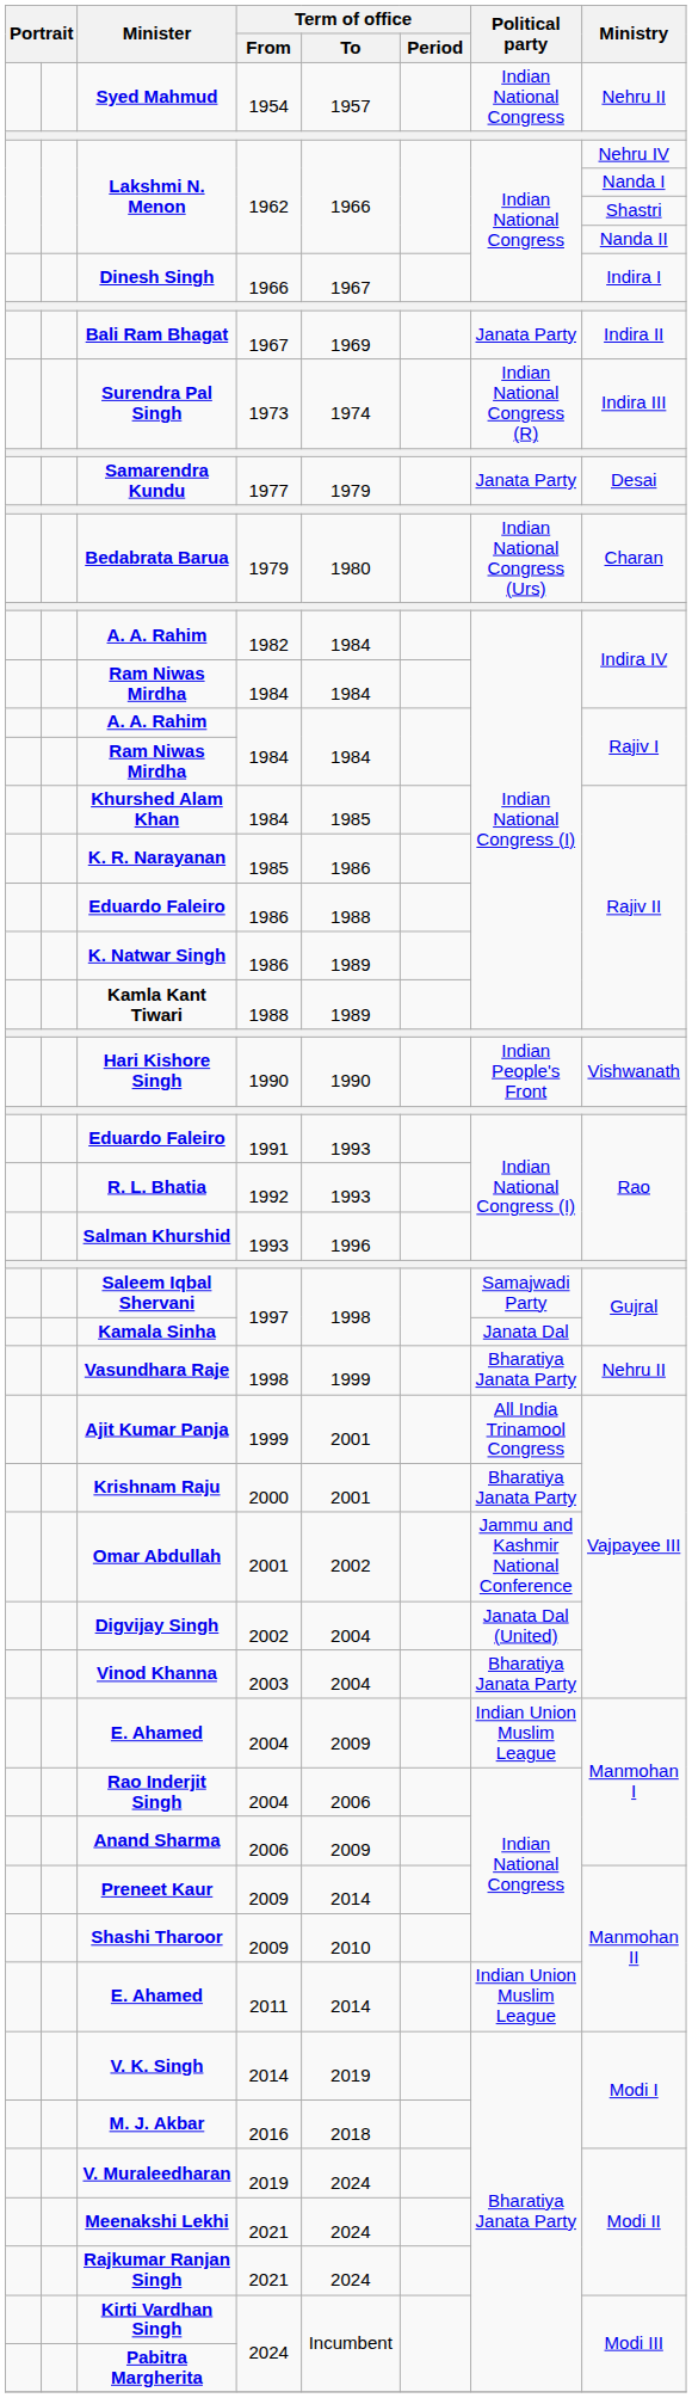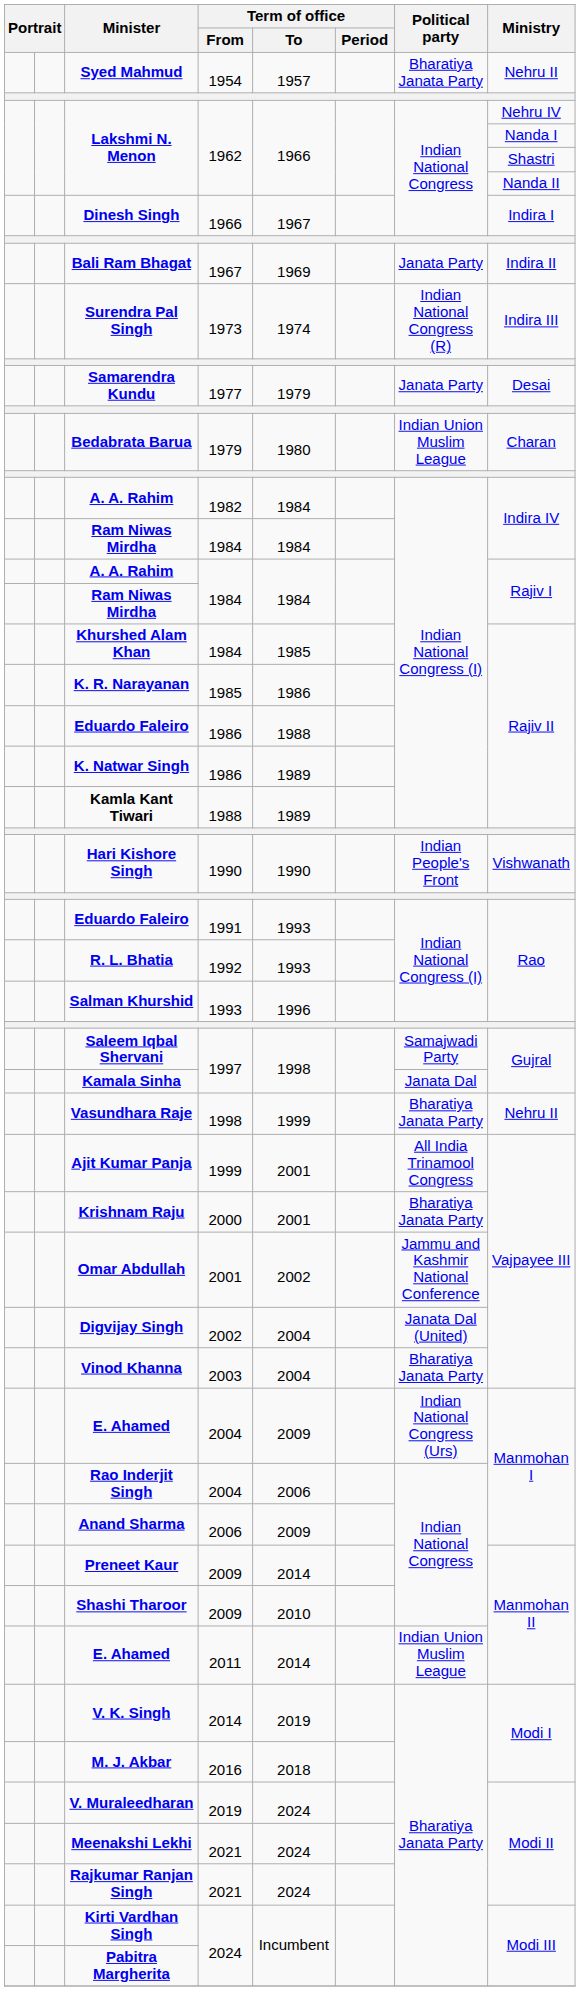 <table class="wikitable" style="text-align:center">
 <tr>
 <th rowspan="2" colspan="2">Portrait</th>
 <th rowspan="2" style="width:18em">Minister<br></th>
 <th colspan="3">Term of office</th>
 <th rowspan="2" style="width:10em">Political party</th>
 <th rowspan="2" style="width:7em">Ministry</th>
 </tr>
 <tr>
 <th style="width:8em">From</th>
 <th style="width:8em">To</th>
 <th style="width:6em">Period</th>
 </tr>
 <tr>
 <td></td>
 <td></td>
 <td><strong><a href='#'>Syed Mahmud</a></strong><br></td>
 <td><br>1954</td>
 <td><br>1957</td>
 <td><strong></strong></td>
-<td><a href='#'>Indian National Congress</a></td>
+<td><a href='#'>Bharatiya Janata Party</a><br></td>
 <td><a href='#'>Nehru II</a></td>
 </tr>
 <tr>
 <th colspan="8"></th>
 </tr>
 <tr>
 <td rowspan="4"></td>
 <td rowspan="4"></td>
 <td rowspan="4"><strong><a href='#'>Lakshmi N. Menon</a></strong><br></td>
 <td rowspan="4"><br>1962</td>
 <td rowspan="4"><br>1966</td>
 <td rowspan="4"><strong></strong></td>
 <td rowspan="5"><a href='#'>Indian National Congress</a></td>
 <td><a href='#'>Nehru IV</a></td>
 </tr>
 <tr>
 <td><a href='#'>Nanda I</a></td>
 </tr>
 <tr>
 <td><a href='#'>Shastri</a></td>
 </tr>
 <tr>
 <td><a href='#'>Nanda II</a></td>
 </tr>
 <tr>
 <td></td>
 <td></td>
 <td><strong><a href='#'>Dinesh Singh</a></strong><br></td>
 <td><br>1966</td>
 <td><br>1967</td>
 <td><strong></strong></td>
 <td><a href='#'>Indira I</a></td>
 </tr>
 <tr>
 <th colspan="8"></th>
 </tr>
 <tr>
 <td></td>
 <td></td>
 <td><strong><a href='#'>Bali Ram Bhagat</a></strong><br></td>
 <td><br>1967</td>
 <td><br>1969</td>
 <td><strong></strong></td>
 <td><a href='#'>Janata Party</a></td>
 <td><a href='#'>Indira II</a></td>
 </tr>
 <tr>
 <td></td>
 <td></td>
 <td><strong><a href='#'>Surendra Pal Singh</a></strong><br></td>
 <td><br>1973</td>
 <td><br>1974</td>
 <td><strong></strong></td>
 <td><a href='#'>Indian National Congress (R)</a></td>
 <td><a href='#'>Indira III</a></td>
 </tr>
 <tr>
 <th colspan="8"></th>
 </tr>
 <tr>
 <td></td>
 <td></td>
 <td><strong><a href='#'>Samarendra Kundu</a></strong><br></td>
 <td><br>1977</td>
 <td><br>1979</td>
 <td><strong></strong></td>
 <td><a href='#'>Janata Party</a></td>
 <td><a href='#'>Desai</a></td>
 </tr>
 <tr>
 <th colspan="8"></th>
 </tr>
 <tr>
 <td></td>
 <td></td>
 <td><strong><a href='#'>Bedabrata Barua</a></strong><br></td>
 <td><br>1979</td>
 <td><br>1980</td>
 <td><strong></strong></td>
-<td><a href='#'>Indian National Congress (Urs)</a></td>
+<td><a href='#'>Indian Union Muslim League</a><br></td>
 <td><a href='#'>Charan</a></td>
 </tr>
 <tr>
 <th colspan="8"></th>
 </tr>
 <tr>
 <td></td>
 <td></td>
 <td><strong><a href='#'>A. A. Rahim</a></strong><br></td>
 <td><br>1982</td>
 <td><br>1984</td>
 <td><strong></strong></td>
 <td rowspan="9"><a href='#'>Indian National Congress (I)</a></td>
 <td rowspan="2"><a href='#'>Indira IV</a></td>
 </tr>
 <tr>
 <td></td>
 <td></td>
 <td><strong><a href='#'>Ram Niwas Mirdha</a></strong><br></td>
 <td><br>1984</td>
 <td><br>1984</td>
 <td><strong></strong></td>
 </tr>
 <tr>
 <td></td>
 <td></td>
 <td><strong><a href='#'>A. A. Rahim</a></strong><br></td>
 <td rowspan="2"><br>1984</td>
 <td rowspan="2"><br>1984</td>
 <td rowspan="2"><strong></strong></td>
 <td rowspan="2"><a href='#'>Rajiv I</a></td>
 </tr>
 <tr>
 <td></td>
 <td></td>
 <td><strong><a href='#'>Ram Niwas Mirdha</a></strong><br></td>
 </tr>
 <tr>
 <td></td>
 <td></td>
 <td><strong><a href='#'>Khurshed Alam Khan</a></strong><br></td>
 <td><br>1984</td>
 <td><br>1985</td>
 <td><strong></strong></td>
 <td rowspan="5"><a href='#'>Rajiv II</a></td>
 </tr>
 <tr>
 <td></td>
 <td></td>
 <td><strong><a href='#'>K. R. Narayanan</a></strong><br></td>
 <td><br>1985</td>
 <td><br>1986</td>
 <td><strong></strong></td>
 </tr>
 <tr>
 <td></td>
 <td></td>
 <td><strong><a href='#'>Eduardo Faleiro</a></strong><br></td>
 <td><br>1986</td>
 <td><br>1988</td>
 <td><strong></strong></td>
 </tr>
 <tr>
 <td></td>
 <td></td>
 <td><strong><a href='#'>K. Natwar Singh</a></strong><br></td>
 <td><br>1986</td>
 <td><br>1989</td>
 <td><strong></strong></td>
 </tr>
 <tr>
 <td></td>
 <td></td>
 <td><strong>Kamla Kant Tiwari</strong><br></td>
 <td><br>1988</td>
 <td><br>1989</td>
 <td><strong></strong></td>
 </tr>
 <tr>
 <th colspan="8"></th>
 </tr>
 <tr>
 <td></td>
 <td></td>
 <td><strong><a href='#'>Hari Kishore Singh</a></strong><br></td>
 <td><br>1990</td>
 <td><br>1990</td>
 <td><strong></strong></td>
 <td><a href='#'>Indian People's Front</a></td>
 <td><a href='#'>Vishwanath</a></td>
 </tr>
 <tr>
 <th colspan="8"></th>
 </tr>
 <tr>
 <td></td>
 <td></td>
 <td><strong><a href='#'>Eduardo Faleiro</a></strong><br></td>
 <td><br>1991</td>
 <td><br>1993</td>
 <td><strong></strong></td>
 <td rowspan="3"><a href='#'>Indian National Congress (I)</a></td>
 <td rowspan="3"><a href='#'>Rao</a></td>
 </tr>
 <tr>
 <td></td>
 <td></td>
 <td><strong><a href='#'>R. L. Bhatia</a></strong><br></td>
 <td><br>1992</td>
 <td><br>1993</td>
 <td><strong></strong></td>
 </tr>
 <tr>
 <td></td>
 <td></td>
 <td><strong><a href='#'>Salman Khurshid</a></strong><br></td>
 <td><br>1993</td>
 <td><br>1996</td>
 <td><strong></strong></td>
 </tr>
 <tr>
 <th colspan="8"></th>
 </tr>
 <tr>
 <td></td>
 <td></td>
 <td><strong><a href='#'>Saleem Iqbal Shervani</a></strong><br></td>
 <td rowspan="2"><br>1997</td>
 <td rowspan="2"><br>1998</td>
 <td rowspan="2"><strong></strong></td>
 <td><a href='#'>Samajwadi Party</a><br></td>
 <td rowspan="2"><a href='#'>Gujral</a></td>
 </tr>
 <tr>
 <td></td>
 <td></td>
 <td><strong><a href='#'>Kamala Sinha</a></strong><br></td>
 <td><a href='#'>Janata Dal</a><br></td>
 </tr>
 <tr>
 <td></td>
 <td></td>
 <td><strong><a href='#'>Vasundhara Raje</a></strong><br></td>
 <td><br>1998</td>
 <td><br>1999</td>
 <td><strong></strong></td>
 <td><a href='#'>Bharatiya Janata Party</a><br></td>
 <td><a href='#'>Nehru II</a></td>
 </tr>
 <tr>
 <td></td>
 <td></td>
 <td><strong><a href='#'>Ajit Kumar Panja</a></strong><br></td>
 <td><br>1999</td>
 <td><br>2001</td>
 <td><strong></strong></td>
 <td><a href='#'>All India Trinamool Congress</a><br></td>
 <td rowspan="5"><a href='#'>Vajpayee III</a></td>
 </tr>
 <tr>
 <td></td>
 <td></td>
 <td><strong><a href='#'>Krishnam Raju</a></strong><br></td>
 <td><br>2000</td>
 <td><br>2001</td>
 <td><strong></strong></td>
 <td><a href='#'>Bharatiya Janata Party</a><br></td>
 </tr>
 <tr>
 <td></td>
 <td></td>
 <td><strong><a href='#'>Omar Abdullah</a></strong><br></td>
 <td><br>2001</td>
 <td><br>2002</td>
 <td><strong></strong></td>
 <td><a href='#'>Jammu and Kashmir National Conference</a><br></td>
 </tr>
 <tr>
 <td></td>
 <td></td>
 <td><strong><a href='#'>Digvijay Singh</a></strong><br></td>
 <td><br>2002</td>
 <td><br>2004</td>
 <td><strong></strong></td>
 <td><a href='#'>Janata Dal (United)</a><br></td>
 </tr>
 <tr>
 <td></td>
 <td></td>
 <td><strong><a href='#'>Vinod Khanna</a></strong><br></td>
 <td><br>2003</td>
 <td><br>2004</td>
 <td><strong></strong></td>
 <td><a href='#'>Bharatiya Janata Party</a><br></td>
 </tr>
 <tr>
 <td></td>
 <td></td>
 <td><strong><a href='#'>E. Ahamed</a></strong><br></td>
 <td><br>2004</td>
 <td><br>2009</td>
 <td><strong></strong></td>
-<td><a href='#'>Indian Union Muslim League</a><br></td>
+<td><a href='#'>Indian National Congress (Urs)</a></td>
 <td rowspan="3"><a href='#'>Manmohan I</a></td>
 </tr>
 <tr>
 <td></td>
 <td></td>
 <td><strong><a href='#'>Rao Inderjit Singh</a></strong><br></td>
 <td><br>2004</td>
 <td><br>2006</td>
 <td><strong></strong></td>
 <td rowspan="4"><a href='#'>Indian National Congress</a><br></td>
 </tr>
 <tr>
 <td></td>
 <td></td>
 <td><strong><a href='#'>Anand Sharma</a></strong><br></td>
 <td><br>2006</td>
 <td><br>2009</td>
 <td><strong></strong></td>
 </tr>
 <tr>
 <td></td>
 <td></td>
 <td><strong><a href='#'>Preneet Kaur</a></strong><br></td>
 <td><br>2009</td>
 <td><br>2014</td>
 <td><strong></strong></td>
 <td rowspan="3"><a href='#'>Manmohan II</a></td>
 </tr>
 <tr>
 <td></td>
 <td></td>
 <td><strong><a href='#'>Shashi Tharoor</a></strong><br></td>
 <td><br>2009</td>
 <td><br>2010</td>
 <td><strong></strong></td>
 </tr>
 <tr>
 <td></td>
 <td></td>
 <td><strong><a href='#'>E. Ahamed</a></strong><br></td>
 <td><br>2011</td>
 <td><br>2014</td>
 <td><strong></strong></td>
 <td><a href='#'>Indian Union Muslim League</a><br></td>
 </tr>
 <tr>
 <td></td>
 <td></td>
 <td><br><strong><a href='#'>V. K. Singh</a></strong> <br><br></td>
 <td><br>2014</td>
 <td><br>2019</td>
 <td><strong></strong></td>
 <td rowspan="7"><a href='#'>Bharatiya Janata Party</a><br></td>
 <td rowspan="2"><a href='#'>Modi I</a></td>
 </tr>
 <tr>
 <td></td>
 <td></td>
 <td><strong><a href='#'>M. J. Akbar</a></strong><br></td>
 <td><br>2016</td>
 <td><br>2018</td>
 <td><strong></strong></td>
 </tr>
 <tr>
 <td></td>
 <td></td>
 <td><strong><a href='#'>V. Muraleedharan</a></strong><br></td>
 <td><br>2019</td>
 <td><br>2024</td>
 <td><strong></strong></td>
 <td rowspan="3"><a href='#'>Modi II</a></td>
 </tr>
 <tr>
 <td></td>
 <td></td>
 <td><strong><a href='#'>Meenakshi Lekhi</a></strong><br></td>
 <td><br>2021</td>
 <td><br>2024</td>
 <td><strong></strong></td>
 </tr>
 <tr>
 <td></td>
 <td></td>
 <td><strong><a href='#'>Rajkumar Ranjan Singh</a></strong><br></td>
 <td><br>2021</td>
 <td><br>2024</td>
 <td><strong></strong></td>
 </tr>
 <tr>
 <td></td>
 <td></td>
 <td><strong><a href='#'>Kirti Vardhan Singh</a></strong><br></td>
 <td rowspan="2"><br>2024</td>
 <td rowspan="2">Incumbent</td>
 <td rowspan="2"><strong></strong></td>
 <td rowspan="2"><a href='#'>Modi III</a></td>
 </tr>
 <tr>
 <td></td>
 <td></td>
 <td><strong><a href='#'>Pabitra Margherita</a></strong><br></td>
 </tr>
 <tr>
 </tr>
 </table>
